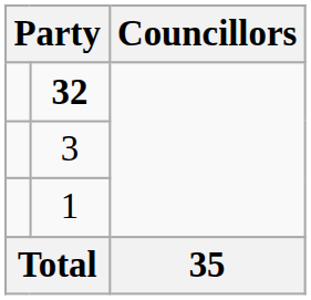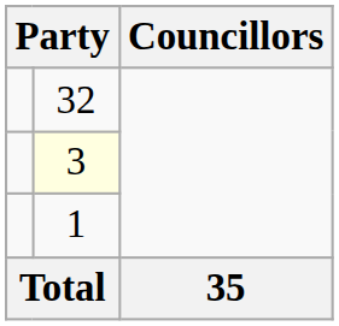 <table class="wikitable">
 <tr>
 <th colspan=2>Party</th>
 <th>Councillors</th>
 </tr>
 <tr>
 <td></td>
-<td align=center><strong>32</strong></td>
+<td align=center>32</td>
 </tr>
 <tr>
 <td></td>
-<td align=center>3</td>
+<td align=center style="background: lightyellow;">3</td>
 </tr>
 <tr>
 <td></td>
 <td align=center>1</td>
 </tr>
 <tr>
 <th colspan=2>Total</th>
 <th align=center>35</th>
 </tr>
 </table>
